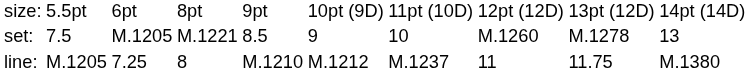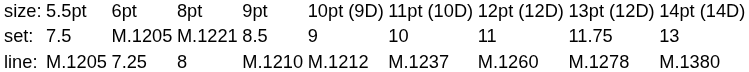 <table style="margin-left:40px;">
 <tr>
 <td>size:</td>
 <td>5.5pt</td>
 <td>6pt</td>
 <td>8pt</td>
 <td>9pt</td>
 <td>10pt (9D)</td>
 <td>11pt (10D)</td>
 <td>12pt (12D)</td>
 <td>13pt (12D)</td>
 <td>14pt (14D)</td>
 </tr>
 <tr>
 <td>set:</td>
 <td>7.5</td>
 <td>M.1205</td>
 <td>M.1221</td>
 <td>8.5</td>
 <td>9</td>
 <td>10</td>
-<td>M.1260</td>
-<td>M.1278</td>
+<td>11</td>
+<td>11.75</td>
 <td>13</td>
 </tr>
 <tr>
 <td>line:</td>
 <td>M.1205</td>
 <td>7.25</td>
 <td>8</td>
 <td>M.1210</td>
 <td>M.1212</td>
 <td>M.1237</td>
-<td>11</td>
-<td>11.75</td>
+<td>M.1260</td>
+<td>M.1278</td>
 <td>M.1380</td>
 </tr>
 </table>
